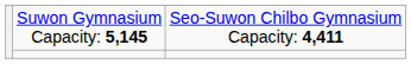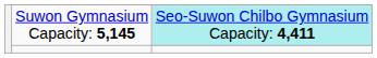 <table class="wikitable" style="text-align:center;margin:1em auto;">
 <tr>
 <th rowspan=4></th>
 </tr>
 <tr>
 <td><a href='#'>Suwon Gymnasium</a><br>Capacity: <strong>5,145</strong></td>
-<td><a href='#'>Seo-Suwon Chilbo Gymnasium</a><br>Capacity: <strong>4,411</strong></td>
+<td style="background: paleturquoise;"><a href='#'>Seo-Suwon Chilbo Gymnasium</a><br>Capacity: <strong>4,411</strong></td>
 </tr>
 <tr>
 <td></td>
 <td></td>
 </tr>
 </table>
